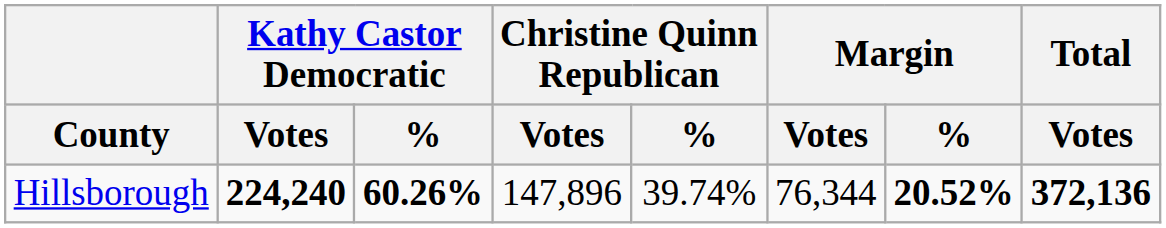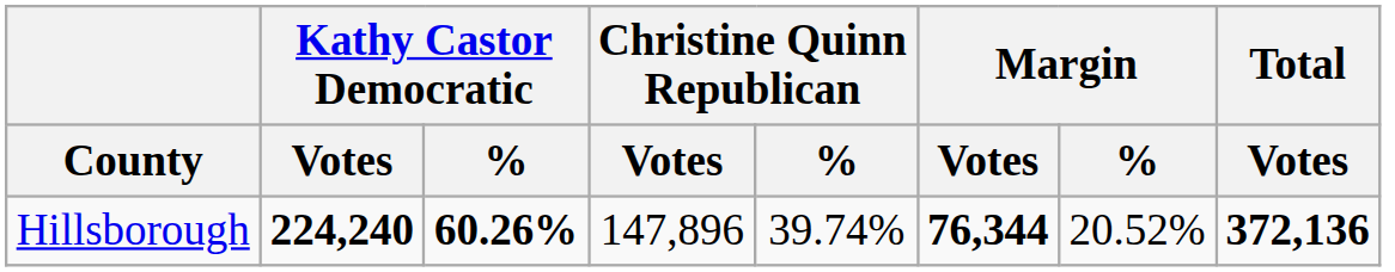 <table class="wikitable sortable" style="text-align:center">
 <tr>
 <th></th>
 <th style="text-align:center;" colspan="2"><a href='#'>Kathy Castor</a><br>Democratic</th>
 <th style="text-align:center;" colspan="2">Christine Quinn<br>Republican</th>
 <th style="text-align:center;" colspan="2">Margin</th>
 <th style="text-align:center;">Total</th>
 </tr>
 <tr>
 <th align=center>County</th>
 <th style="text-align:center;" data-sort-type="number">Votes</th>
 <th style="text-align:center;" data-sort-type="number">%</th>
 <th style="text-align:center;" data-sort-type="number">Votes</th>
 <th style="text-align:center;" data-sort-type="number">%</th>
 <th style="text-align:center;" data-sort-type="number">Votes</th>
 <th style="text-align:center;" data-sort-type="number">%</th>
 <th style="text-align:center;" data-sort-type="number">Votes</th>
 </tr>
 <tr>
 <td align=center><a href='#'>Hillsborough</a></td>
 <td><strong>224,240</strong></td>
 <td><strong>60.26%</strong></td>
 <td>147,896</td>
 <td>39.74%</td>
-<td>76,344</td>
-<td><strong>20.52%</strong></td>
+<td><strong>76,344</strong></td>
+<td>20.52%</td>
 <td><strong>372,136</strong></td>
 </tr>
 </table>
